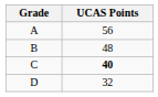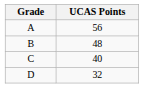 <table class="wikitable" border="1" style="text-align:center; margin-left:1em;">
 <tr>
 <th width="75">Grade</th>
 <th width="125">UCAS Points</th>
 </tr>
 <tr>
 <td align="center">A</td>
 <td>56</td>
 </tr>
 <tr>
 <td align="center">B</td>
 <td>48</td>
 </tr>
 <tr>
 <td align="center">C</td>
-<td><strong>40</strong></td>
+<td>40</td>
 </tr>
 <tr>
 <td align="center">D</td>
 <td>32</td>
 </tr>
 </table>
